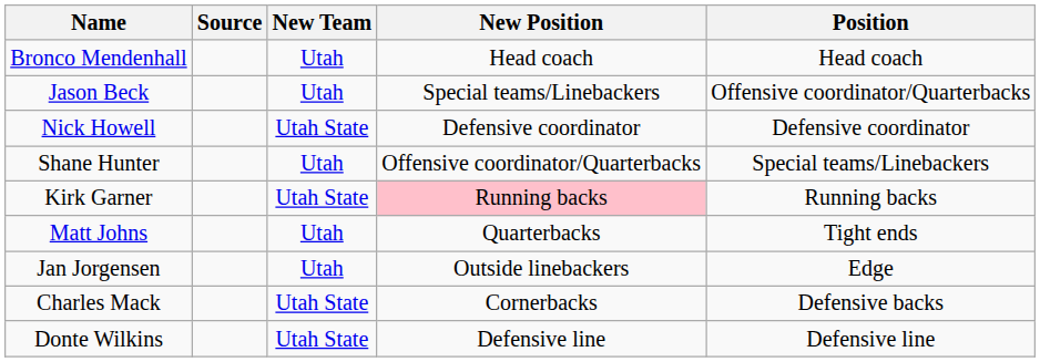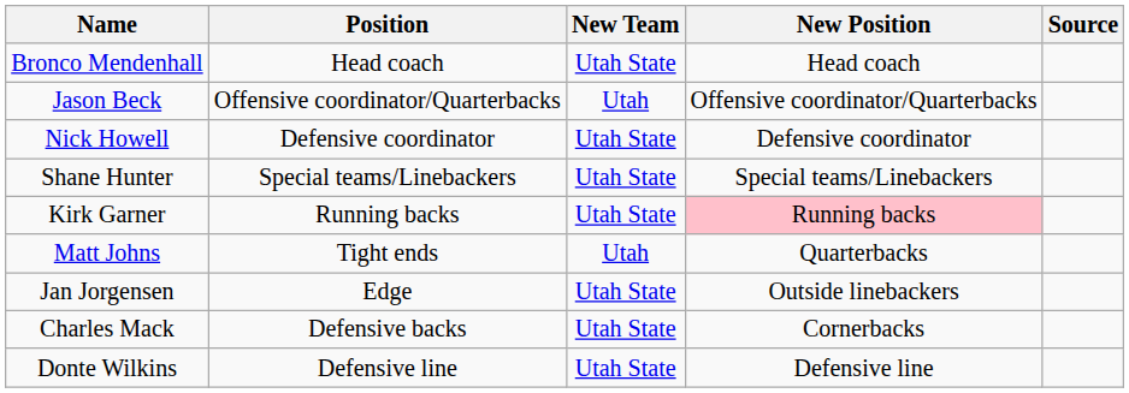 <table class="wikitable">
 <tr>
 <th style="text-align:center; ">Name</th>
-<th style="text-align:center; ">Source</th>
+<th style="text-align:center; ">Position</th>
 <th style="text-align:center; ">New Team</th>
 <th style="text-align:center; ">New Position</th>
-<th style="text-align:center; ">Position</th>
+<th style="text-align:center; ">Source</th>
 </tr>
 <tr align="center">
 <td><a href='#'>Bronco Mendenhall</a></td>
+<td>Head coach</td>
+<td><a href='#'>Utah State</a></td>
+<td>Head coach</td>
 <td></td>
-<td><a href='#'>Utah</a></td>
-<td>Head coach</td>
-<td>Head coach</td>
 </tr>
 <tr align="center">
 <td><a href='#'>Jason Beck</a></td>
+<td>Offensive coordinator/Quarterbacks</td>
+<td><a href='#'>Utah</a></td>
+<td>Offensive coordinator/Quarterbacks</td>
 <td></td>
-<td><a href='#'>Utah</a></td>
-<td>Special teams/Linebackers</td>
-<td>Offensive coordinator/Quarterbacks</td>
 </tr>
 <tr align="center">
 <td><a href='#'>Nick Howell</a></td>
-<td></td>
+<td>Defensive coordinator</td>
 <td><a href='#'>Utah State</a></td>
 <td>Defensive coordinator</td>
-<td>Defensive coordinator</td>
+<td></td>
 </tr>
 <tr align="center">
 <td>Shane Hunter</td>
+<td>Special teams/Linebackers</td>
+<td><a href='#'>Utah State</a></td>
+<td>Special teams/Linebackers</td>
 <td></td>
-<td><a href='#'>Utah</a></td>
-<td>Offensive coordinator/Quarterbacks</td>
-<td>Special teams/Linebackers</td>
 </tr>
 <tr align="center">
 <td>Kirk Garner</td>
-<td></td>
+<td>Running backs</td>
 <td><a href='#'>Utah State</a></td>
 <td style="background: pink;">Running backs</td>
-<td>Running backs</td>
+<td></td>
 </tr>
 <tr align="center">
 <td><a href='#'>Matt Johns</a></td>
-<td></td>
+<td>Tight ends</td>
 <td><a href='#'>Utah</a></td>
 <td>Quarterbacks</td>
-<td>Tight ends</td>
+<td></td>
 </tr>
 <tr align="center">
 <td>Jan Jorgensen</td>
+<td>Edge</td>
+<td><a href='#'>Utah State</a></td>
+<td>Outside linebackers</td>
 <td></td>
-<td><a href='#'>Utah</a></td>
-<td>Outside linebackers</td>
-<td>Edge</td>
 </tr>
 <tr align="center">
 <td>Charles Mack</td>
-<td></td>
+<td>Defensive backs</td>
 <td><a href='#'>Utah State</a></td>
 <td>Cornerbacks</td>
-<td>Defensive backs</td>
+<td></td>
 </tr>
 <tr align="center">
 <td>Donte Wilkins</td>
-<td></td>
+<td>Defensive line</td>
 <td><a href='#'>Utah State</a></td>
 <td>Defensive line</td>
-<td>Defensive line</td>
+<td></td>
 </tr>
 </table>
